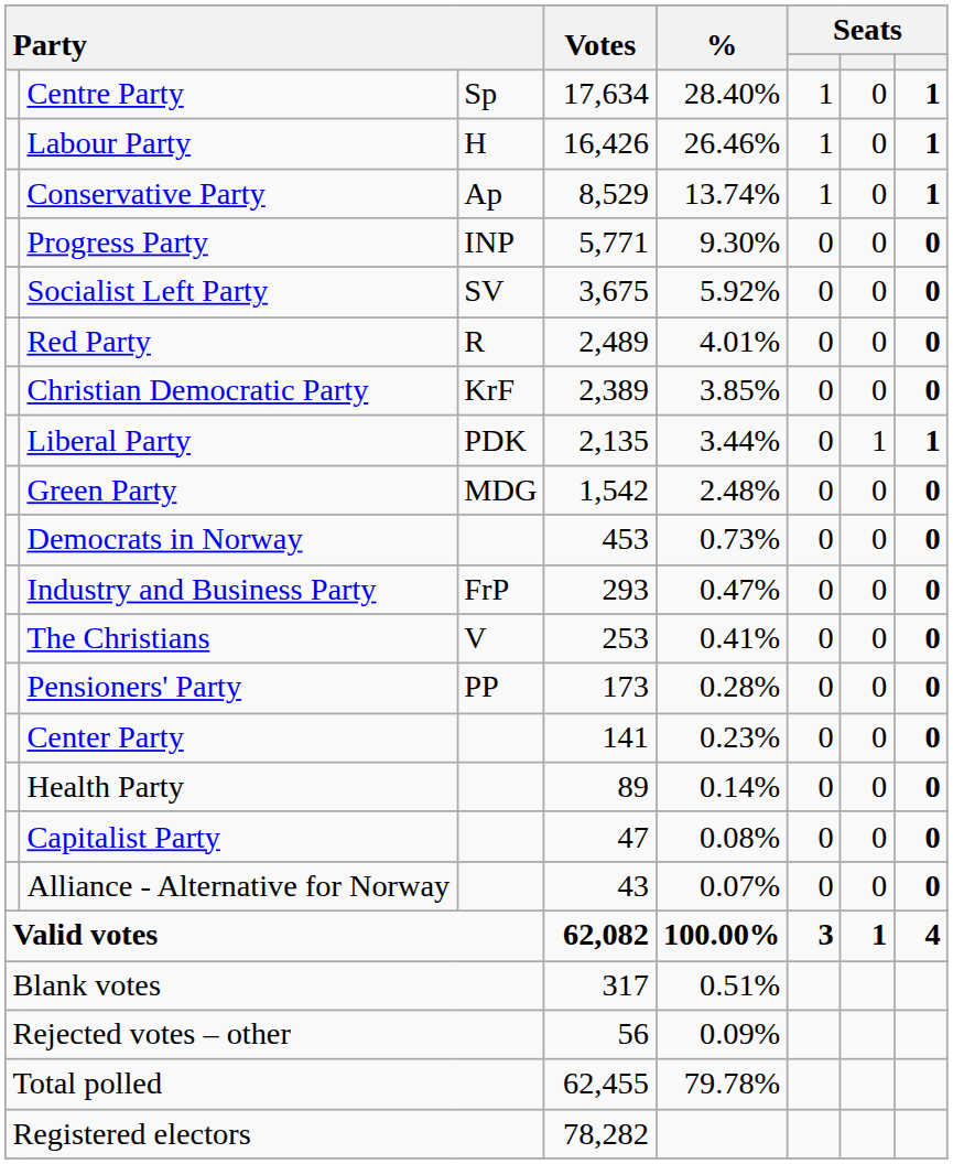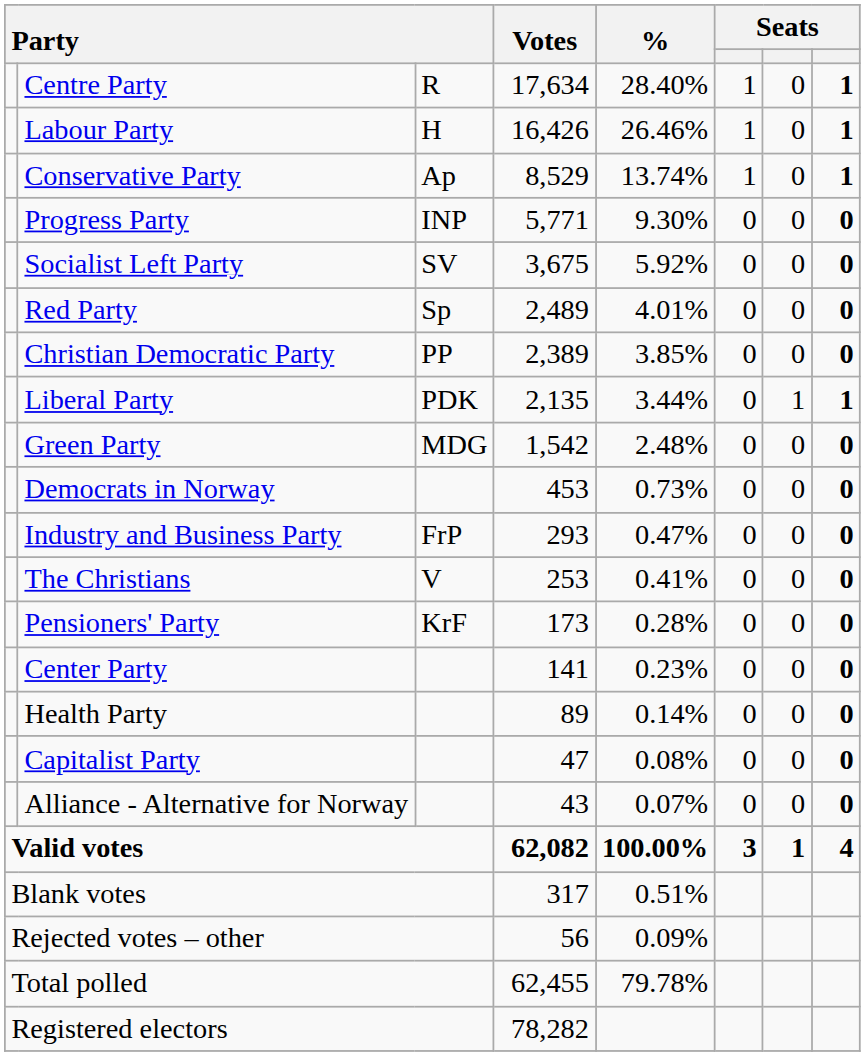 <table class="wikitable" border="1" style="text-align:right;">
 <tr>
 <th style="text-align:left;" valign=bottom rowspan=2 colspan=3>Party</th>
 <th align=center valign=bottom rowspan=2 width="50">Votes</th>
 <th align=center valign=bottom rowspan=2 width="50">%</th>
 <th colspan=3>Seats</th>
 </tr>
 <tr>
 <th align=center valign=bottom width="20"><small></small></th>
 <th align=center valign=bottom width="20"><small><a href='#'></a></small></th>
 <th align=center valign=bottom width="20"><small></small></th>
 </tr>
 <tr>
 <td style="color:inherit;background:"></td>
 <td align=left><a href='#'>Centre Party</a></td>
-<td align=left>Sp</td>
+<td align=left>R</td>
 <td>17,634</td>
 <td>28.40%</td>
 <td>1</td>
 <td>0</td>
 <td><strong>1</strong></td>
 </tr>
 <tr>
 <td style="color:inherit;background:"></td>
 <td align=left><a href='#'>Labour Party</a></td>
 <td align=left>H</td>
 <td>16,426</td>
 <td>26.46%</td>
 <td>1</td>
 <td>0</td>
 <td><strong>1</strong></td>
 </tr>
 <tr>
 <td style="color:inherit;background:"></td>
 <td align=left><a href='#'>Conservative Party</a></td>
 <td align=left>Ap</td>
 <td>8,529</td>
 <td>13.74%</td>
 <td>1</td>
 <td>0</td>
 <td><strong>1</strong></td>
 </tr>
 <tr>
 <td style="color:inherit;background:"></td>
 <td align=left><a href='#'>Progress Party</a></td>
 <td align=left>INP</td>
 <td>5,771</td>
 <td>9.30%</td>
 <td>0</td>
 <td>0</td>
 <td><strong>0</strong></td>
 </tr>
 <tr>
 <td style="color:inherit;background:"></td>
 <td align=left><a href='#'>Socialist Left Party</a></td>
 <td align=left>SV</td>
 <td>3,675</td>
 <td>5.92%</td>
 <td>0</td>
 <td>0</td>
 <td><strong>0</strong></td>
 </tr>
 <tr>
 <td style="color:inherit;background:"></td>
 <td align=left><a href='#'>Red Party</a></td>
-<td align=left>R</td>
+<td align=left>Sp</td>
 <td>2,489</td>
 <td>4.01%</td>
 <td>0</td>
 <td>0</td>
 <td><strong>0</strong></td>
 </tr>
 <tr>
 <td style="color:inherit;background:"></td>
 <td align=left><a href='#'>Christian Democratic Party</a></td>
-<td align=left>KrF</td>
+<td align=left>PP</td>
 <td>2,389</td>
 <td>3.85%</td>
 <td>0</td>
 <td>0</td>
 <td><strong>0</strong></td>
 </tr>
 <tr>
 <td style="color:inherit;background:"></td>
 <td align=left><a href='#'>Liberal Party</a></td>
 <td align=left>PDK</td>
 <td>2,135</td>
 <td>3.44%</td>
 <td>0</td>
 <td>1</td>
 <td><strong>1</strong></td>
 </tr>
 <tr>
 <td style="color:inherit;background:"></td>
 <td align=left><a href='#'>Green Party</a></td>
 <td align=left>MDG</td>
 <td>1,542</td>
 <td>2.48%</td>
 <td>0</td>
 <td>0</td>
 <td><strong>0</strong></td>
 </tr>
 <tr>
 <td style="color:inherit;background:"></td>
 <td align=left><a href='#'>Democrats in Norway</a></td>
 <td align=left></td>
 <td>453</td>
 <td>0.73%</td>
 <td>0</td>
 <td>0</td>
 <td><strong>0</strong></td>
 </tr>
 <tr>
 <td style="color:inherit;background:"></td>
 <td align=left><a href='#'>Industry and Business Party</a></td>
 <td align=left>FrP</td>
 <td>293</td>
 <td>0.47%</td>
 <td>0</td>
 <td>0</td>
 <td><strong>0</strong></td>
 </tr>
 <tr>
 <td style="color:inherit;background:"></td>
 <td align=left><a href='#'>The Christians</a></td>
 <td align=left>V</td>
 <td>253</td>
 <td>0.41%</td>
 <td>0</td>
 <td>0</td>
 <td><strong>0</strong></td>
 </tr>
 <tr>
 <td style="color:inherit;background:"></td>
 <td align=left><a href='#'>Pensioners' Party</a></td>
-<td align=left>PP</td>
+<td align=left>KrF</td>
 <td>173</td>
 <td>0.28%</td>
 <td>0</td>
 <td>0</td>
 <td><strong>0</strong></td>
 </tr>
 <tr>
 <td style="color:inherit;background:"></td>
 <td align=left><a href='#'>Center Party</a></td>
 <td align=left></td>
 <td>141</td>
 <td>0.23%</td>
 <td>0</td>
 <td>0</td>
 <td><strong>0</strong></td>
 </tr>
 <tr>
 <td></td>
 <td align=left>Health Party</td>
 <td align=left></td>
 <td>89</td>
 <td>0.14%</td>
 <td>0</td>
 <td>0</td>
 <td><strong>0</strong></td>
 </tr>
 <tr>
 <td style="color:inherit;background:"></td>
 <td align=left><a href='#'>Capitalist Party</a></td>
 <td align=left></td>
 <td>47</td>
 <td>0.08%</td>
 <td>0</td>
 <td>0</td>
 <td><strong>0</strong></td>
 </tr>
 <tr>
 <td></td>
 <td align=left>Alliance - Alternative for Norway</td>
 <td align=left></td>
 <td>43</td>
 <td>0.07%</td>
 <td>0</td>
 <td>0</td>
 <td><strong>0</strong></td>
 </tr>
 <tr style="font-weight:bold">
 <td align=left colspan=3>Valid votes</td>
 <td>62,082</td>
 <td>100.00%</td>
 <td>3</td>
 <td>1</td>
 <td>4</td>
 </tr>
 <tr>
 <td align=left colspan=3>Blank votes</td>
 <td>317</td>
 <td>0.51%</td>
 <td></td>
 <td></td>
 <td></td>
 </tr>
 <tr>
 <td align=left colspan=3>Rejected votes – other</td>
 <td>56</td>
 <td>0.09%</td>
 <td></td>
 <td></td>
 <td></td>
 </tr>
 <tr>
 <td align=left colspan=3>Total polled</td>
 <td>62,455</td>
 <td>79.78%</td>
 <td></td>
 <td></td>
 <td></td>
 </tr>
 <tr>
 <td align=left colspan=3>Registered electors</td>
 <td>78,282</td>
 <td></td>
 <td></td>
 <td></td>
 <td></td>
 </tr>
 </table>
